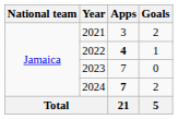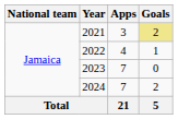 <table class="wikitable" style="text-align: center;">
 <tr>
 <th>National team</th>
 <th>Year</th>
 <th>Apps</th>
 <th>Goals</th>
 </tr>
 <tr>
 <td rowspan=4><a href='#'>Jamaica</a></td>
 <td>2021</td>
 <td>3</td>
-<td>2</td>
+<td style="background: khaki;">2</td>
 </tr>
 <tr>
 <td>2022</td>
-<td><strong>4</strong></td>
+<td>4</td>
 <td>1</td>
 </tr>
 <tr>
 <td>2023</td>
 <td>7</td>
 <td>0</td>
 </tr>
 <tr>
 <td>2024</td>
-<td><strong>7</strong></td>
+<td>7</td>
 <td>2</td>
 </tr>
 <tr>
 <th colspan=2>Total</th>
 <th>21</th>
 <th>5</th>
 </tr>
 </table>
